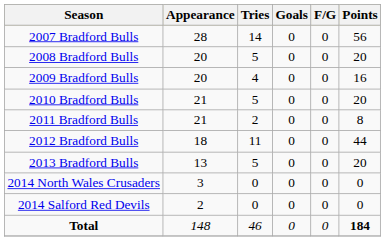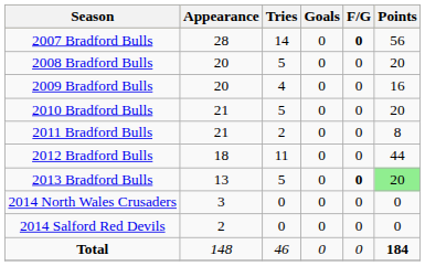 <table class="wikitable" style="text-align:center;">
 <tr bgcolor=#bdb76b>
 <th>Season</th>
 <th>Appearance</th>
 <th>Tries</th>
 <th>Goals</th>
 <th>F/G</th>
 <th>Points</th>
 </tr>
 <tr>
 <td><a href='#'>2007 Bradford Bulls</a></td>
 <td>28</td>
 <td>14</td>
 <td>0</td>
-<td>0</td>
+<td><strong>0</strong></td>
 <td>56</td>
 </tr>
 <tr>
 <td><a href='#'>2008 Bradford Bulls</a></td>
 <td>20</td>
 <td>5</td>
 <td>0</td>
 <td>0</td>
 <td>20</td>
 </tr>
 <tr>
 <td><a href='#'>2009 Bradford Bulls</a></td>
 <td>20</td>
 <td>4</td>
 <td>0</td>
 <td>0</td>
 <td>16</td>
 </tr>
 <tr>
 <td><a href='#'>2010 Bradford Bulls</a></td>
 <td>21</td>
 <td>5</td>
 <td>0</td>
 <td>0</td>
 <td>20</td>
 </tr>
 <tr>
 <td><a href='#'>2011 Bradford Bulls</a></td>
 <td>21</td>
 <td>2</td>
 <td>0</td>
 <td>0</td>
 <td>8</td>
 </tr>
 <tr>
 <td><a href='#'>2012 Bradford Bulls</a></td>
 <td>18</td>
 <td>11</td>
 <td>0</td>
 <td>0</td>
 <td>44</td>
 </tr>
 <tr>
 <td><a href='#'>2013 Bradford Bulls</a></td>
 <td>13</td>
 <td>5</td>
 <td>0</td>
-<td>0</td>
-<td>20</td>
+<td><strong>0</strong></td>
+<td style="background: lightgreen;">20</td>
 </tr>
 <tr>
 <td><a href='#'>2014 North Wales Crusaders</a></td>
 <td>3</td>
 <td>0</td>
 <td>0</td>
 <td>0</td>
 <td>0</td>
 </tr>
 <tr>
 <td><a href='#'>2014 Salford Red Devils</a></td>
 <td>2</td>
 <td>0</td>
 <td>0</td>
 <td>0</td>
 <td>0</td>
 </tr>
 <tr>
 <td><strong>Total</strong></td>
 <td><em>148</em></td>
 <td><em>46</em></td>
 <td><em>0</em></td>
 <td><em>0</em></td>
 <td><strong>184</strong></td>
 </tr>
 <tr>
 </tr>
 </table>
